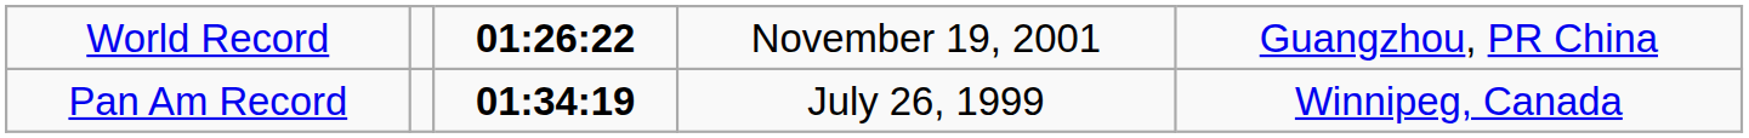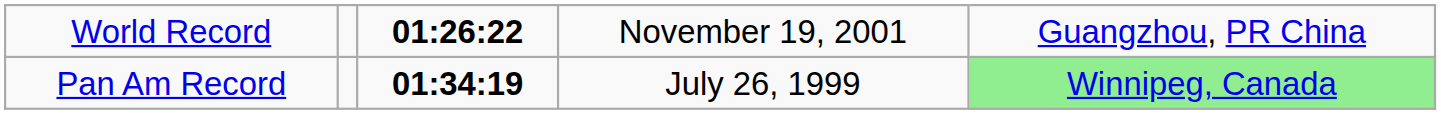 <table class="wikitable" style=" text-align:center; font-size:95%;" width="75%">
 <tr>
 <td><a href='#'>World Record</a></td>
 <td></td>
 <td><strong>01:26:22</strong></td>
 <td>November 19, 2001</td>
 <td> <a href='#'>Guangzhou</a>, <a href='#'>PR China</a></td>
 </tr>
 <tr>
 <td><a href='#'>Pan Am Record</a></td>
 <td></td>
 <td><strong>01:34:19</strong></td>
 <td>July 26, 1999</td>
-<td> <a href='#'>Winnipeg, Canada</a></td>
+<td style="background: lightgreen;"> <a href='#'>Winnipeg, Canada</a></td>
 </tr>
 </table>
